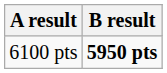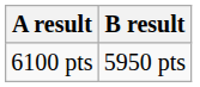 <table class="wikitable" border="1" align="upright">
 <tr>
 <th>A result</th>
 <th>B result</th>
 </tr>
 <tr>
 <td>6100 pts</td>
-<td><strong>5950 pts</strong></td>
+<td>5950 pts</td>
 </tr>
 </table>
